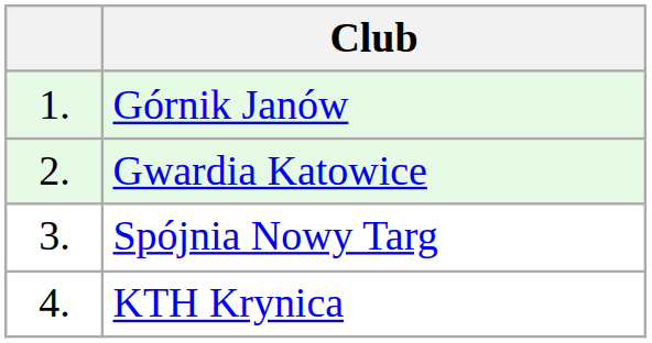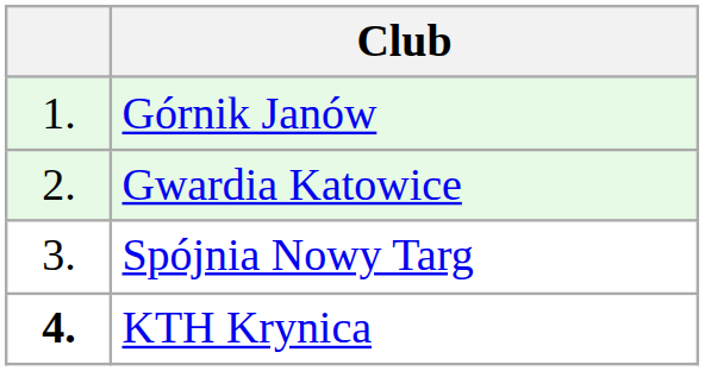 <table class="wikitable">
 <tr>
 <th width="30"></th>
 <th width="200">Club</th>
 </tr>
 <tr bgcolor="#e6fae6" align="center">
 <td>1.</td>
 <td align="left"><a href='#'>Górnik Janów</a></td>
 </tr>
 <tr bgcolor="#e6fae6" align="center">
 <td>2.</td>
 <td align="left"><a href='#'>Gwardia Katowice</a></td>
 </tr>
 <tr bgcolor="#FFFFFF" align="center">
 <td>3.</td>
 <td align="left"><a href='#'>Spójnia Nowy Targ</a></td>
 </tr>
 <tr bgcolor="#FFFFFF" align="center">
-<td>4.</td>
+<td><strong>4.</strong></td>
 <td align="left"><a href='#'>KTH Krynica</a></td>
 </tr>
 </table>
